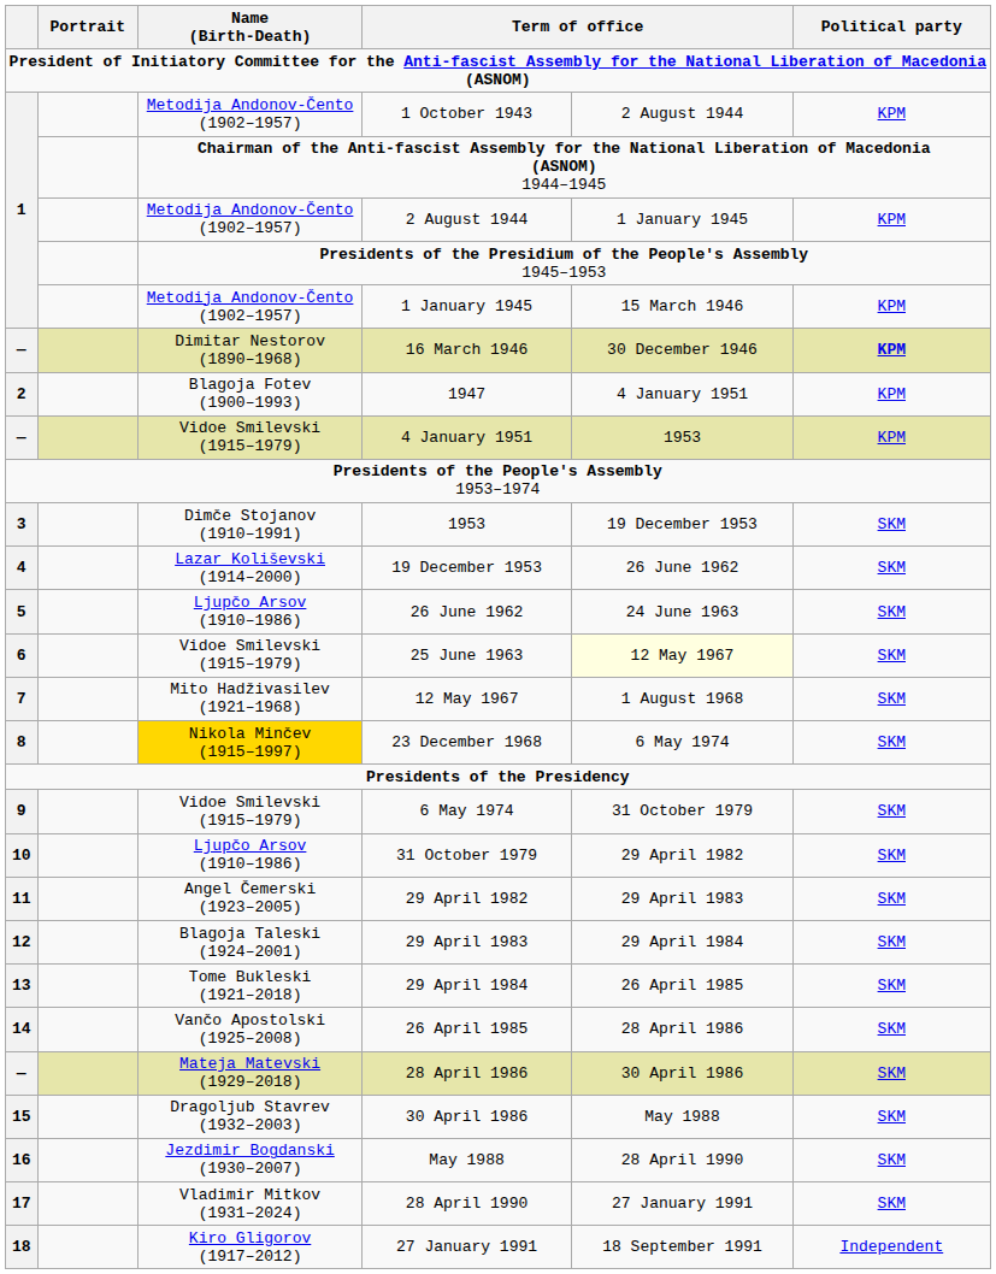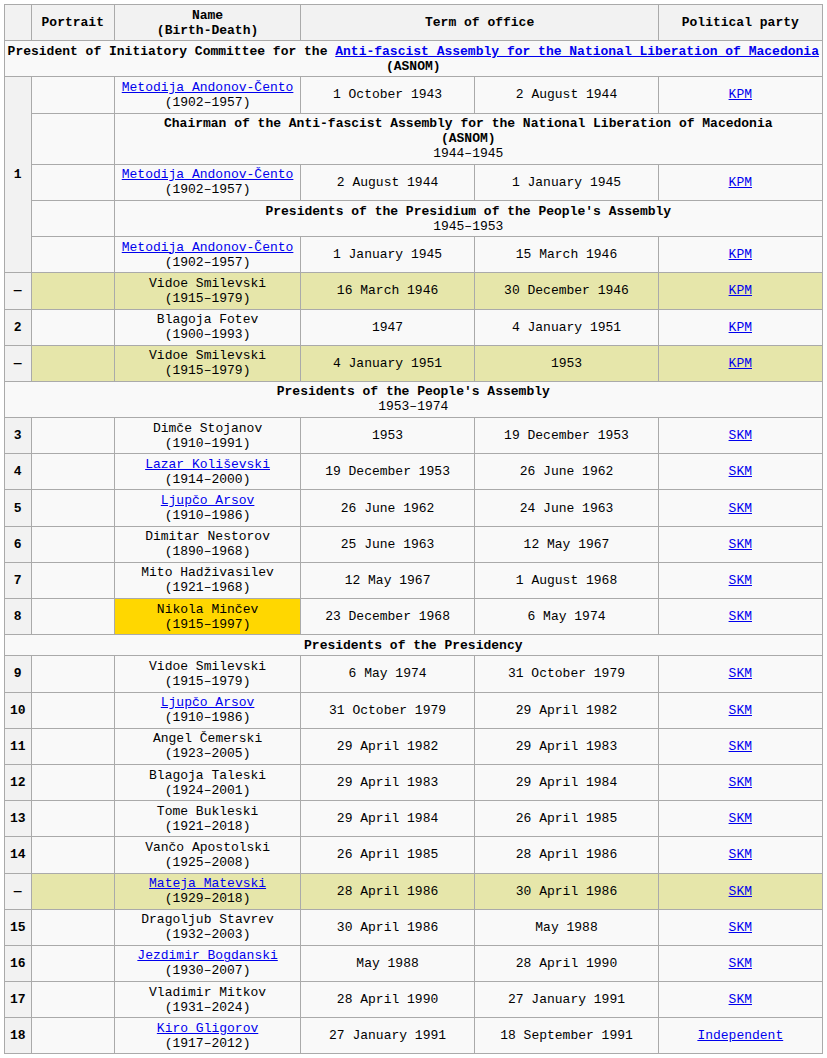 <table class="wikitable" style="text-align:center">
 <tr>
 <th></th>
 <th>Portrait</th>
 <th width="180">Name<br>(Birth-Death)</th>
 <th colspan=2>Term of office</th>
 <th>Political party</th>
 </tr>
 <tr>
 <td colspan="6"><strong>President of Initiatory Committee for the <a href='#'>Anti-fascist Assembly for the National Liberation of Macedonia</a><br>(ASNOM)</strong><br></td>
 </tr>
 <tr>
 <th rowspan=5 style="background:">1</th>
 <td></td>
 <td><a href='#'>Metodija Andonov-Čento</a><br>(1902–1957)</td>
 <td>1 October 1943</td>
 <td>2 August 1944</td>
 <td><a href='#'>KPM</a></td>
 </tr>
 <tr>
 <td></td>
 <td colspan="4"><strong>Chairman of the Anti-fascist Assembly for the National Liberation of Macedonia<br>(ASNOM)</strong><br>1944–1945</td>
 </tr>
 <tr>
 <td></td>
 <td><a href='#'>Metodija Andonov-Čento</a><br>(1902–1957)</td>
 <td>2 August 1944</td>
 <td>1 January 1945</td>
 <td><a href='#'>KPM</a></td>
 </tr>
 <tr>
 <td></td>
 <td colspan="4"><strong>Presidents of the Presidium of the People's Assembly</strong><br>1945–1953</td>
 </tr>
 <tr>
 <td></td>
 <td><a href='#'>Metodija Andonov-Čento</a><br>(1902–1957)</td>
 <td>1 January 1945</td>
 <td>15 March 1946</td>
 <td><a href='#'>KPM</a></td>
 </tr>
 <tr bgcolor=#E6E6AA>
 <th style="background:">—</th>
 <td></td>
-<td>Dimitar Nestorov<br> (1890–1968)</td>
+<td>Vidoe Smilevski<br>(1915–1979)</td>
 <td>16 March 1946</td>
 <td>30 December 1946</td>
-<td><strong><a href='#'>KPM</a></strong></td>
+<td><a href='#'>KPM</a></td>
 </tr>
 <tr>
 <th style="background:">2</th>
 <td></td>
 <td>Blagoja Fotev<br>(1900–1993)</td>
 <td>1947</td>
 <td>4 January 1951</td>
 <td><a href='#'>KPM</a></td>
 </tr>
 <tr bgcolor=#E6E6AA>
 <th style="background:">—</th>
 <td></td>
 <td>Vidoe Smilevski<br>(1915–1979)</td>
 <td>4 January 1951</td>
 <td>1953</td>
 <td><a href='#'>KPM</a></td>
 </tr>
 <tr>
 <td colspan="6"><strong>Presidents of the People's Assembly</strong><br>1953–1974</td>
 </tr>
 <tr>
 <th style="background:">3</th>
 <td></td>
 <td>Dimče Stojanov<br>(1910–1991)</td>
 <td>1953</td>
 <td>19 December 1953</td>
 <td><a href='#'>SKM</a></td>
 </tr>
 <tr>
 <th style="background:">4</th>
 <td></td>
 <td><a href='#'>Lazar Koliševski</a><br>(1914–2000)</td>
 <td>19 December 1953</td>
 <td>26 June 1962</td>
 <td><a href='#'>SKM</a></td>
 </tr>
 <tr>
 <th style="background:">5</th>
 <td></td>
 <td><a href='#'>Ljupčo Arsov</a><br>(1910–1986)</td>
 <td>26 June 1962</td>
 <td>24 June 1963</td>
 <td><a href='#'>SKM</a></td>
 </tr>
 <tr>
 <th style="background:">6</th>
 <td></td>
-<td>Vidoe Smilevski<br>(1915–1979)</td>
+<td>Dimitar Nestorov<br> (1890–1968)</td>
 <td>25 June 1963</td>
-<td style="background: lightyellow;">12 May 1967</td>
+<td>12 May 1967</td>
 <td><a href='#'>SKM</a></td>
 </tr>
 <tr>
 <th style="background:">7</th>
 <td></td>
 <td>Mito Hadživasilev<br>(1921–1968)</td>
 <td>12 May 1967</td>
 <td>1 August 1968</td>
 <td><a href='#'>SKM</a></td>
 </tr>
 <tr>
 <th style="background:">8</th>
 <td></td>
 <td style="background: gold;">Nikola Minčev<br>(1915–1997)</td>
 <td>23 December 1968</td>
 <td>6 May 1974</td>
 <td><a href='#'>SKM</a></td>
 </tr>
 <tr>
 <td colspan="6"><strong>Presidents of the Presidency</strong><br></td>
 </tr>
 <tr>
 <th style="background:">9</th>
 <td></td>
 <td>Vidoe Smilevski<br>(1915–1979)</td>
 <td>6 May 1974</td>
 <td>31 October 1979</td>
 <td><a href='#'>SKM</a></td>
 </tr>
 <tr>
 <th style="background:">10</th>
 <td></td>
 <td><a href='#'>Ljupčo Arsov</a><br>(1910–1986)</td>
 <td>31 October 1979</td>
 <td>29 April 1982</td>
 <td><a href='#'>SKM</a></td>
 </tr>
 <tr>
 <th style="background:">11</th>
 <td></td>
 <td>Angel Čemerski<br>(1923–2005)</td>
 <td>29 April 1982</td>
 <td>29 April 1983</td>
 <td><a href='#'>SKM</a></td>
 </tr>
 <tr>
 <th style="background:">12</th>
 <td></td>
 <td>Blagoja Taleski<br>(1924–2001)</td>
 <td>29 April 1983</td>
 <td>29 April 1984</td>
 <td><a href='#'>SKM</a></td>
 </tr>
 <tr>
 <th style="background:">13</th>
 <td></td>
 <td>Tome Bukleski<br>(1921–2018)</td>
 <td>29 April 1984</td>
 <td>26 April 1985</td>
 <td><a href='#'>SKM</a></td>
 </tr>
 <tr>
 <th style="background:">14</th>
 <td></td>
 <td>Vančo Apostolski<br>(1925–2008)</td>
 <td>26 April 1985</td>
 <td>28 April 1986</td>
 <td><a href='#'>SKM</a></td>
 </tr>
 <tr bgcolor=#E6E6AA>
 <th style="background:">—</th>
 <td></td>
 <td><a href='#'>Mateja Matevski</a><br>(1929–2018)</td>
 <td>28 April 1986</td>
 <td>30 April 1986</td>
 <td><a href='#'>SKM</a></td>
 </tr>
 <tr>
 <th style="background:">15</th>
 <td></td>
 <td>Dragoljub Stavrev<br>(1932–2003)</td>
 <td>30 April 1986</td>
 <td>May 1988</td>
 <td><a href='#'>SKM</a></td>
 </tr>
 <tr>
 <th style="background:">16</th>
 <td></td>
 <td><a href='#'>Jezdimir Bogdanski</a><br>(1930–2007)</td>
 <td>May 1988</td>
 <td>28 April 1990</td>
 <td><a href='#'>SKM</a></td>
 </tr>
 <tr>
 <th style="background:">17</th>
 <td></td>
 <td>Vladimir Mitkov<br>(1931–2024)</td>
 <td>28 April 1990</td>
 <td>27 January 1991</td>
 <td><a href='#'>SKM</a></td>
 </tr>
 <tr>
 <th style="background:">18</th>
 <td></td>
 <td><a href='#'>Kiro Gligorov</a><br>(1917–2012)</td>
 <td>27 January 1991</td>
 <td>18 September 1991</td>
 <td><a href='#'>Independent</a></td>
 </tr>
 </table>
